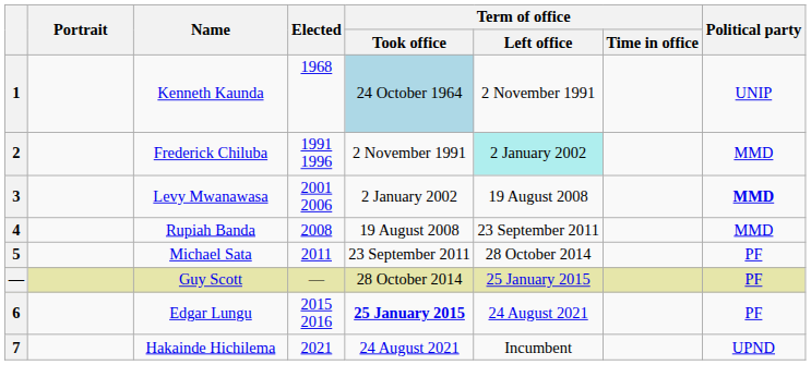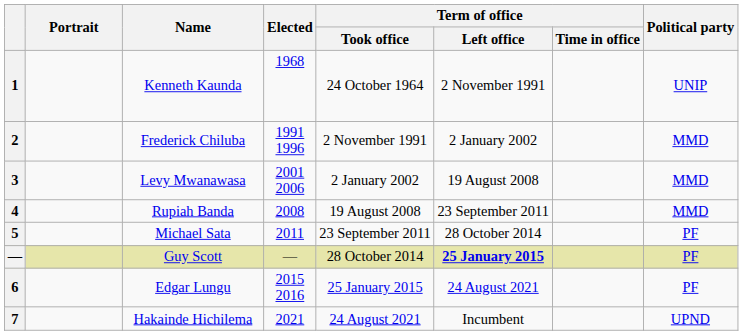 <table class="wikitable" style="text-align:center">
 <tr>
 <th rowspan="2"></th>
 <th rowspan="2" style="width:100px;">Portrait</th>
 <th rowspan="2" width="150">Name<br></th>
 <th rowspan="2">Elected</th>
 <th colspan="3">Term of office</th>
 <th rowspan="2">Political party</th>
 </tr>
 <tr>
 <th>Took office</th>
 <th>Left office</th>
 <th>Time in office</th>
 </tr>
 <tr>
 <th style="background:">1</th>
 <td></td>
 <td><a href='#'>Kenneth Kaunda</a><br></td>
 <td><a href='#'>1968</a><br><br><br><br></td>
-<td style="background: lightblue;">24 October 1964</td>
+<td>24 October 1964</td>
 <td>2 November 1991</td>
 <td></td>
 <td><a href='#'>UNIP</a></td>
 </tr>
 <tr>
 <th style="background:">2</th>
 <td></td>
 <td><a href='#'>Frederick Chiluba</a><br></td>
 <td><a href='#'>1991</a><br><a href='#'>1996</a></td>
 <td>2 November 1991</td>
-<td style="background: paleturquoise;">2 January 2002</td>
+<td>2 January 2002</td>
 <td></td>
 <td><a href='#'>MMD</a></td>
 </tr>
 <tr>
 <th style="background:">3</th>
 <td></td>
 <td><a href='#'>Levy Mwanawasa</a><br></td>
 <td><a href='#'>2001</a><br><a href='#'>2006</a></td>
 <td>2 January 2002</td>
 <td>19 August 2008</td>
 <td></td>
-<td><strong><a href='#'>MMD</a></strong></td>
+<td><a href='#'>MMD</a></td>
 </tr>
 <tr>
 <th style="background:">4</th>
 <td></td>
 <td><a href='#'>Rupiah Banda</a><br></td>
 <td><a href='#'>2008</a></td>
 <td>19 August 2008</td>
 <td>23 September 2011</td>
 <td></td>
 <td><a href='#'>MMD</a></td>
 </tr>
 <tr>
 <th style="background:">5</th>
 <td></td>
 <td><a href='#'>Michael Sata</a><br></td>
 <td><a href='#'>2011</a></td>
 <td>23 September 2011</td>
 <td>28 October 2014</td>
 <td></td>
 <td><a href='#'>PF</a></td>
 </tr>
 <tr style="background:#e6e6aa;">
 <th style="background:">—</th>
 <td></td>
 <td><a href='#'>Guy Scott</a><br></td>
 <td>—</td>
 <td>28 October 2014</td>
-<td><a href='#'>25 January 2015</a></td>
+<td><strong><a href='#'>25 January 2015</a></strong></td>
 <td></td>
 <td><a href='#'>PF</a></td>
 </tr>
 <tr>
 <th style="background:">6</th>
 <td></td>
 <td><a href='#'>Edgar Lungu</a><br></td>
 <td><a href='#'>2015</a><br><a href='#'>2016</a></td>
-<td><strong><a href='#'>25 January 2015</a></strong></td>
+<td><a href='#'>25 January 2015</a></td>
 <td><a href='#'>24 August 2021</a></td>
 <td></td>
 <td><a href='#'>PF</a></td>
 </tr>
 <tr>
 <th style="background:">7</th>
 <td></td>
 <td><a href='#'>Hakainde Hichilema</a><br></td>
 <td><a href='#'>2021</a></td>
 <td><a href='#'>24 August 2021</a></td>
 <td>Incumbent</td>
 <td></td>
 <td><a href='#'>UPND</a></td>
 </tr>
 </table>
